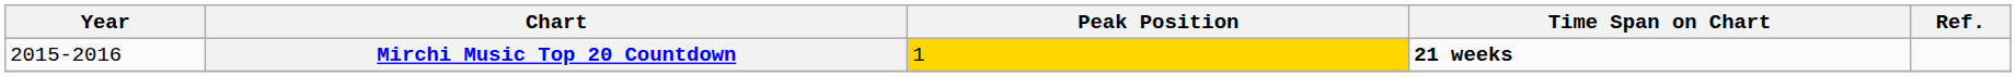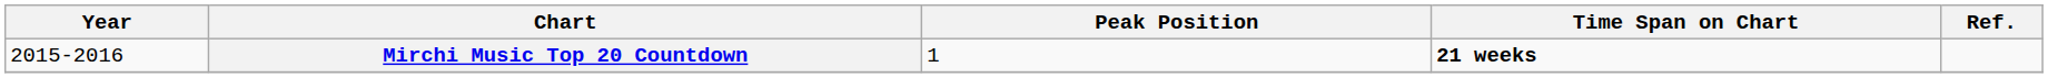 <table class="wikitable plainrowheaders"  width=100%>
 <tr>
 <th width=10%>Year</th>
 <th width=35%>Chart</th>
 <th width=25%>Peak Position</th>
 <th width=25%>Time Span on Chart</th>
 <th width=5%>Ref.</th>
 </tr>
 <tr>
 <td>2015-2016</td>
 <th scope="row"><a href='#'>Mirchi Music Top 20 Countdown</a></th>
-<td style="background: gold;">1</td>
+<td>1</td>
 <td><strong>21 weeks</strong></td>
 <td></td>
 </tr>
 <tr>
 </tr>
 </table>
